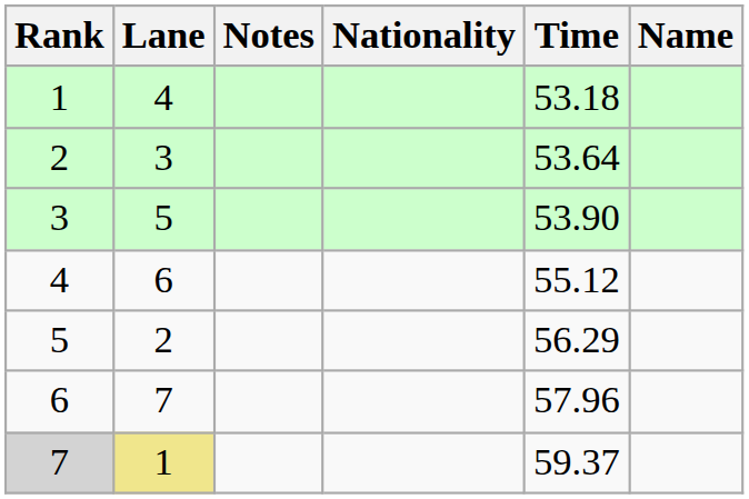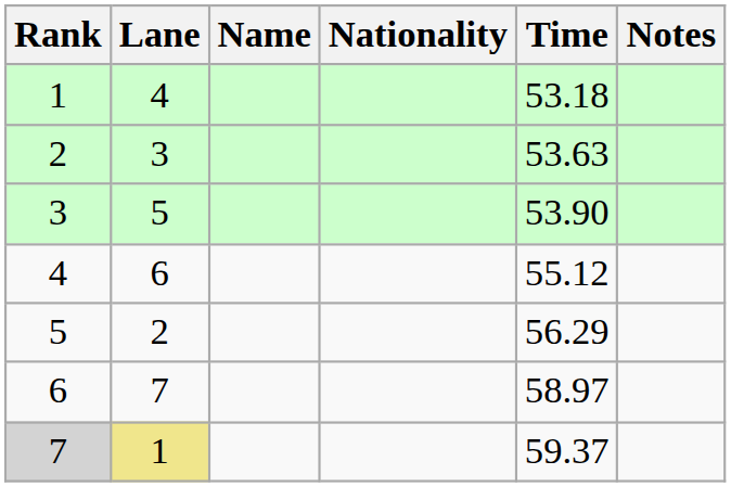 <table class="wikitable sortable" style="text-align:center">
 <tr>
 <th>Rank</th>
 <th>Lane</th>
-<th>Notes</th>
+<th>Name</th>
 <th>Nationality</th>
 <th>Time</th>
-<th>Name</th>
+<th>Notes</th>
 </tr>
 <tr bgcolor=ccffcc>
 <td>1</td>
 <td>4</td>
-<td><strong></strong></td>
+<td align=left></td>
 <td align=left></td>
 <td>53.18</td>
-<td align=left></td>
+<td><strong></strong></td>
 </tr>
 <tr bgcolor=ccffcc>
 <td>2</td>
 <td>3</td>
+<td align=left></td>
+<td align=left></td>
+<td>53.63</td>
 <td><strong></strong></td>
-<td align=left></td>
-<td>53.64</td>
-<td align=left></td>
 </tr>
 <tr bgcolor=ccffcc>
 <td>3</td>
 <td>5</td>
-<td><strong></strong></td>
+<td align=left></td>
 <td align=left></td>
 <td>53.90</td>
-<td align=left></td>
+<td><strong></strong></td>
 </tr>
 <tr>
 <td>4</td>
 <td>6</td>
-<td></td>
+<td align=left></td>
 <td align=left></td>
 <td>55.12</td>
-<td align=left></td>
+<td></td>
 </tr>
 <tr>
 <td>5</td>
 <td>2</td>
-<td></td>
+<td align=left></td>
 <td align=left></td>
 <td>56.29</td>
-<td align=left></td>
+<td></td>
 </tr>
 <tr>
 <td>6</td>
 <td>7</td>
+<td align=left></td>
+<td align=left></td>
+<td>58.97</td>
 <td></td>
-<td align=left></td>
-<td>57.96</td>
-<td align=left></td>
 </tr>
 <tr>
 <td style="background: lightgrey;">7</td>
 <td style="background: khaki;">1</td>
-<td></td>
+<td align=left></td>
 <td align=left></td>
 <td>59.37</td>
-<td align=left></td>
+<td></td>
 </tr>
 </table>
